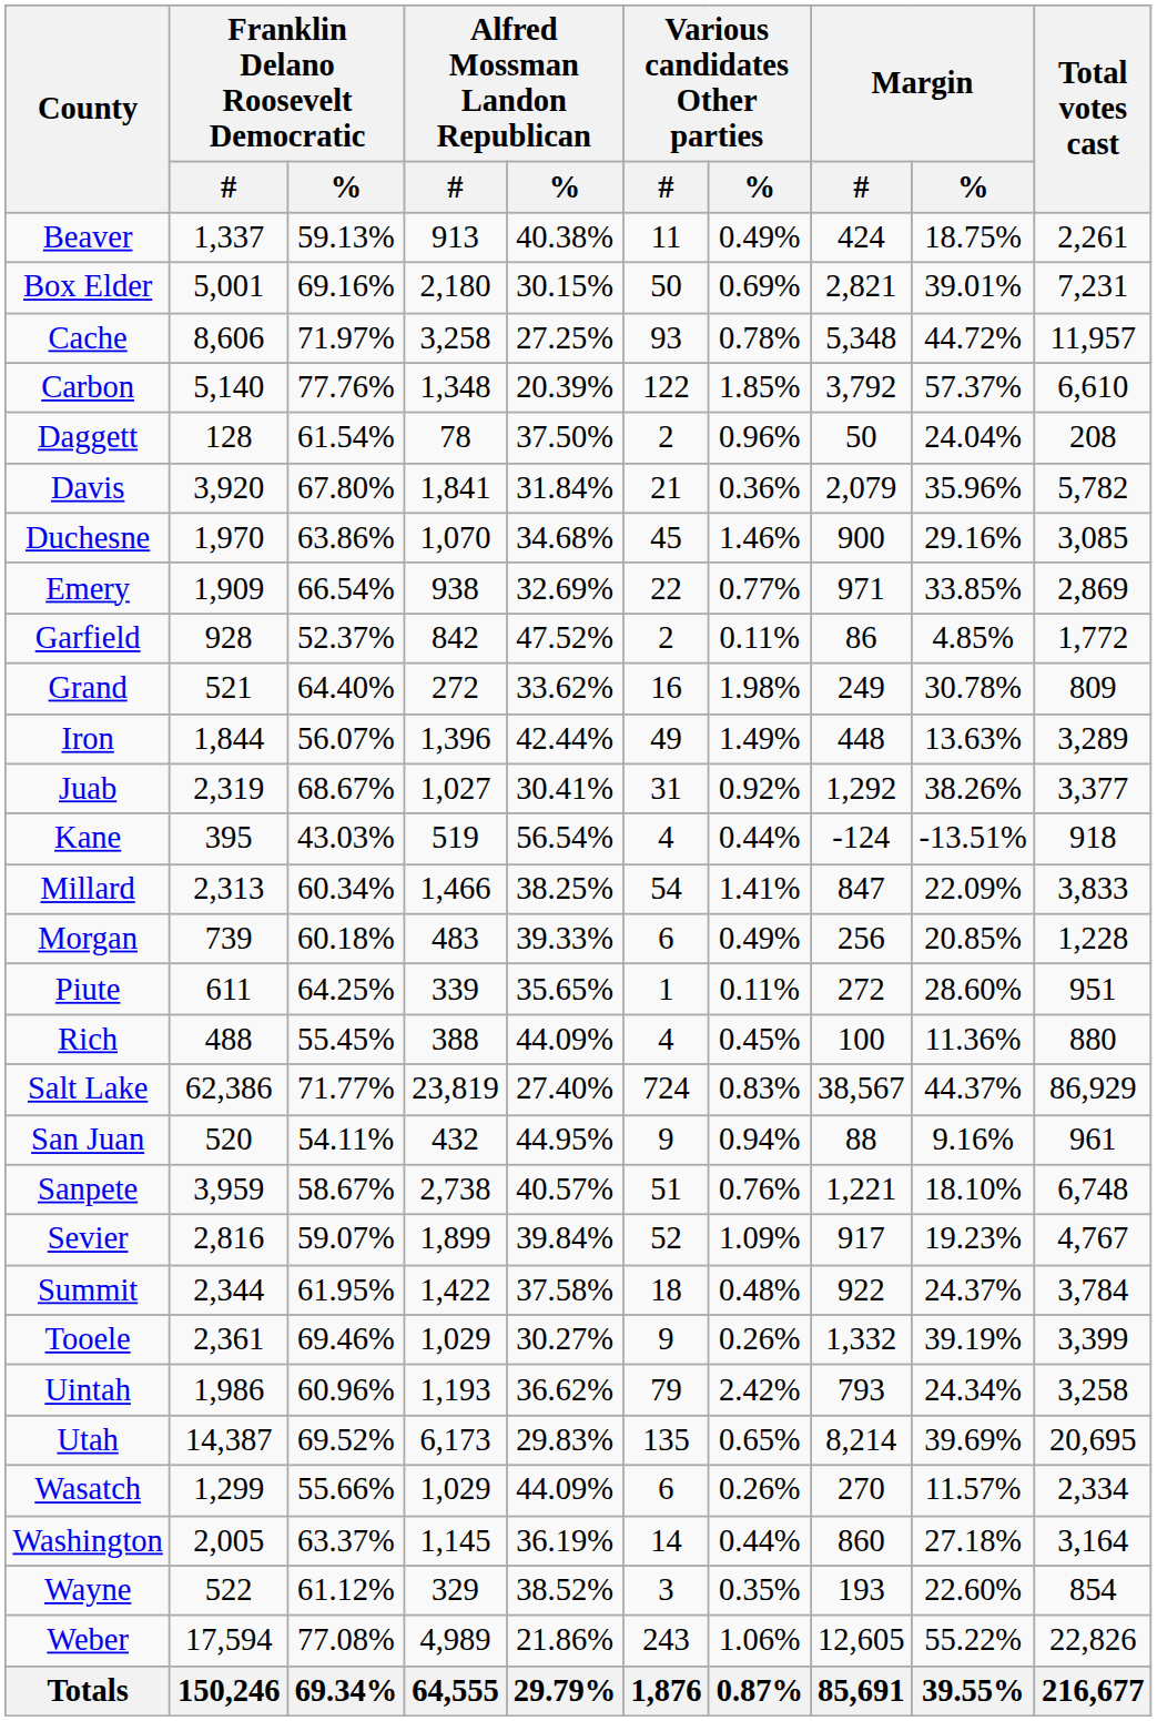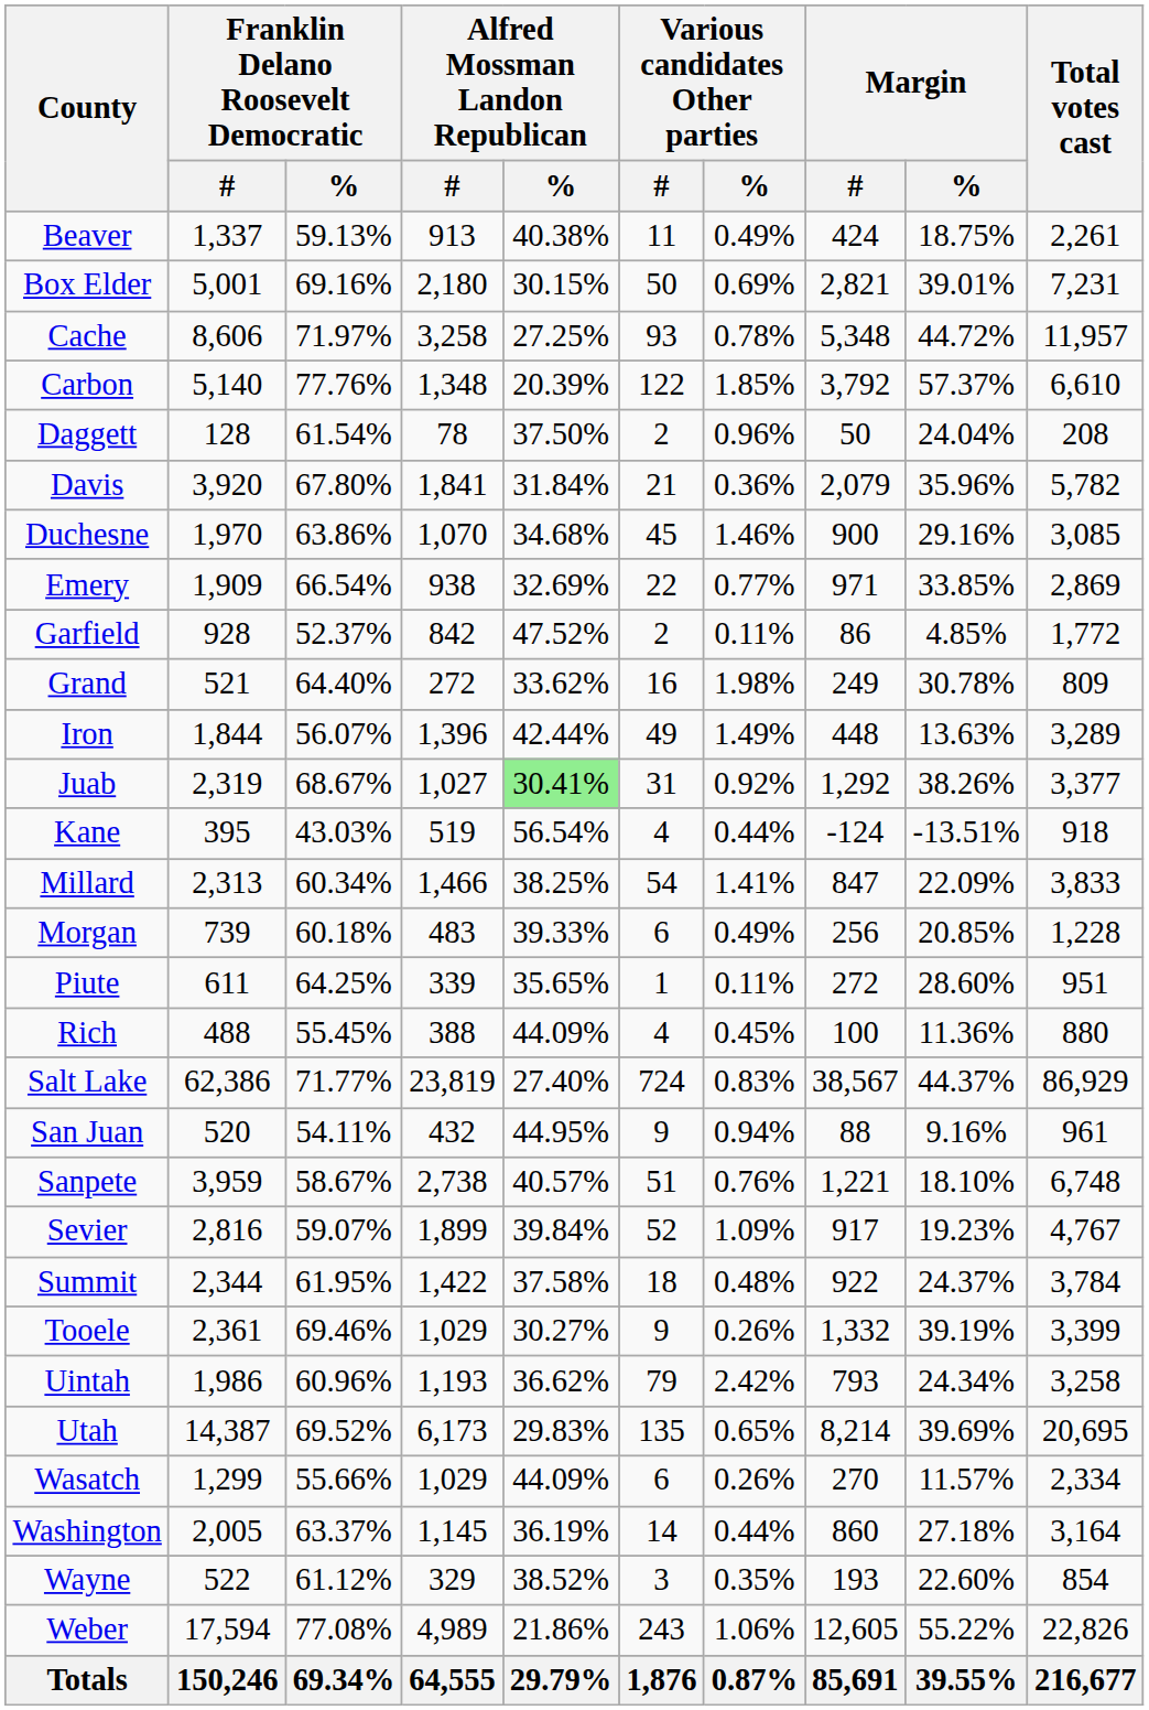 <table width="70%" class="wikitable sortable">
 <tr>
 <th rowspan="2">County</th>
 <th colspan="2">Franklin Delano Roosevelt<br>Democratic</th>
 <th colspan="2">Alfred Mossman Landon<br>Republican</th>
 <th colspan="2">Various candidates<br>Other parties</th>
 <th colspan="2">Margin</th>
 <th rowspan="2">Total votes cast</th>
 </tr>
 <tr bgcolor="lightgrey">
 <th style="text-align:center;" data-sort-type="number">#</th>
 <th style="text-align:center;" data-sort-type="number">%</th>
 <th style="text-align:center;" data-sort-type="number">#</th>
 <th style="text-align:center;" data-sort-type="number">%</th>
 <th style="text-align:center;" data-sort-type="number">#</th>
 <th style="text-align:center;" data-sort-type="number">%</th>
 <th style="text-align:center;" data-sort-type="number">#</th>
 <th style="text-align:center;" data-sort-type="number">%</th>
 </tr>
 <tr style="text-align:center;">
 <td><a href='#'>Beaver</a></td>
 <td>1,337</td>
 <td>59.13%</td>
 <td>913</td>
 <td>40.38%</td>
 <td>11</td>
 <td>0.49%</td>
 <td>424</td>
 <td>18.75%</td>
 <td>2,261</td>
 </tr>
 <tr style="text-align:center;">
 <td><a href='#'>Box Elder</a></td>
 <td>5,001</td>
 <td>69.16%</td>
 <td>2,180</td>
 <td>30.15%</td>
 <td>50</td>
 <td>0.69%</td>
 <td>2,821</td>
 <td>39.01%</td>
 <td>7,231</td>
 </tr>
 <tr style="text-align:center;">
 <td><a href='#'>Cache</a></td>
 <td>8,606</td>
 <td>71.97%</td>
 <td>3,258</td>
 <td>27.25%</td>
 <td>93</td>
 <td>0.78%</td>
 <td>5,348</td>
 <td>44.72%</td>
 <td>11,957</td>
 </tr>
 <tr style="text-align:center;">
 <td><a href='#'>Carbon</a></td>
 <td>5,140</td>
 <td>77.76%</td>
 <td>1,348</td>
 <td>20.39%</td>
 <td>122</td>
 <td>1.85%</td>
 <td>3,792</td>
 <td>57.37%</td>
 <td>6,610</td>
 </tr>
 <tr style="text-align:center;">
 <td><a href='#'>Daggett</a></td>
 <td>128</td>
 <td>61.54%</td>
 <td>78</td>
 <td>37.50%</td>
 <td>2</td>
 <td>0.96%</td>
 <td>50</td>
 <td>24.04%</td>
 <td>208</td>
 </tr>
 <tr style="text-align:center;">
 <td><a href='#'>Davis</a></td>
 <td>3,920</td>
 <td>67.80%</td>
 <td>1,841</td>
 <td>31.84%</td>
 <td>21</td>
 <td>0.36%</td>
 <td>2,079</td>
 <td>35.96%</td>
 <td>5,782</td>
 </tr>
 <tr style="text-align:center;">
 <td><a href='#'>Duchesne</a></td>
 <td>1,970</td>
 <td>63.86%</td>
 <td>1,070</td>
 <td>34.68%</td>
 <td>45</td>
 <td>1.46%</td>
 <td>900</td>
 <td>29.16%</td>
 <td>3,085</td>
 </tr>
 <tr style="text-align:center;">
 <td><a href='#'>Emery</a></td>
 <td>1,909</td>
 <td>66.54%</td>
 <td>938</td>
 <td>32.69%</td>
 <td>22</td>
 <td>0.77%</td>
 <td>971</td>
 <td>33.85%</td>
 <td>2,869</td>
 </tr>
 <tr style="text-align:center;">
 <td><a href='#'>Garfield</a></td>
 <td>928</td>
 <td>52.37%</td>
 <td>842</td>
 <td>47.52%</td>
 <td>2</td>
 <td>0.11%</td>
 <td>86</td>
 <td>4.85%</td>
 <td>1,772</td>
 </tr>
 <tr style="text-align:center;">
 <td><a href='#'>Grand</a></td>
 <td>521</td>
 <td>64.40%</td>
 <td>272</td>
 <td>33.62%</td>
 <td>16</td>
 <td>1.98%</td>
 <td>249</td>
 <td>30.78%</td>
 <td>809</td>
 </tr>
 <tr style="text-align:center;">
 <td><a href='#'>Iron</a></td>
 <td>1,844</td>
 <td>56.07%</td>
 <td>1,396</td>
 <td>42.44%</td>
 <td>49</td>
 <td>1.49%</td>
 <td>448</td>
 <td>13.63%</td>
 <td>3,289</td>
 </tr>
 <tr style="text-align:center;">
 <td><a href='#'>Juab</a></td>
 <td>2,319</td>
 <td>68.67%</td>
 <td>1,027</td>
-<td>30.41%</td>
+<td style="background: lightgreen;">30.41%</td>
 <td>31</td>
 <td>0.92%</td>
 <td>1,292</td>
 <td>38.26%</td>
 <td>3,377</td>
 </tr>
 <tr style="text-align:center;">
 <td><a href='#'>Kane</a></td>
 <td>395</td>
 <td>43.03%</td>
 <td>519</td>
 <td>56.54%</td>
 <td>4</td>
 <td>0.44%</td>
 <td>-124</td>
 <td>-13.51%</td>
 <td>918</td>
 </tr>
 <tr style="text-align:center;">
 <td><a href='#'>Millard</a></td>
 <td>2,313</td>
 <td>60.34%</td>
 <td>1,466</td>
 <td>38.25%</td>
 <td>54</td>
 <td>1.41%</td>
 <td>847</td>
 <td>22.09%</td>
 <td>3,833</td>
 </tr>
 <tr style="text-align:center;">
 <td><a href='#'>Morgan</a></td>
 <td>739</td>
 <td>60.18%</td>
 <td>483</td>
 <td>39.33%</td>
 <td>6</td>
 <td>0.49%</td>
 <td>256</td>
 <td>20.85%</td>
 <td>1,228</td>
 </tr>
 <tr style="text-align:center;">
 <td><a href='#'>Piute</a></td>
 <td>611</td>
 <td>64.25%</td>
 <td>339</td>
 <td>35.65%</td>
 <td>1</td>
 <td>0.11%</td>
 <td>272</td>
 <td>28.60%</td>
 <td>951</td>
 </tr>
 <tr style="text-align:center;">
 <td><a href='#'>Rich</a></td>
 <td>488</td>
 <td>55.45%</td>
 <td>388</td>
 <td>44.09%</td>
 <td>4</td>
 <td>0.45%</td>
 <td>100</td>
 <td>11.36%</td>
 <td>880</td>
 </tr>
 <tr style="text-align:center;">
 <td><a href='#'>Salt Lake</a></td>
 <td>62,386</td>
 <td>71.77%</td>
 <td>23,819</td>
 <td>27.40%</td>
 <td>724</td>
 <td>0.83%</td>
 <td>38,567</td>
 <td>44.37%</td>
 <td>86,929</td>
 </tr>
 <tr style="text-align:center;">
 <td><a href='#'>San Juan</a></td>
 <td>520</td>
 <td>54.11%</td>
 <td>432</td>
 <td>44.95%</td>
 <td>9</td>
 <td>0.94%</td>
 <td>88</td>
 <td>9.16%</td>
 <td>961</td>
 </tr>
 <tr style="text-align:center;">
 <td><a href='#'>Sanpete</a></td>
 <td>3,959</td>
 <td>58.67%</td>
 <td>2,738</td>
 <td>40.57%</td>
 <td>51</td>
 <td>0.76%</td>
 <td>1,221</td>
 <td>18.10%</td>
 <td>6,748</td>
 </tr>
 <tr style="text-align:center;">
 <td><a href='#'>Sevier</a></td>
 <td>2,816</td>
 <td>59.07%</td>
 <td>1,899</td>
 <td>39.84%</td>
 <td>52</td>
 <td>1.09%</td>
 <td>917</td>
 <td>19.23%</td>
 <td>4,767</td>
 </tr>
 <tr style="text-align:center;">
 <td><a href='#'>Summit</a></td>
 <td>2,344</td>
 <td>61.95%</td>
 <td>1,422</td>
 <td>37.58%</td>
 <td>18</td>
 <td>0.48%</td>
 <td>922</td>
 <td>24.37%</td>
 <td>3,784</td>
 </tr>
 <tr style="text-align:center;">
 <td><a href='#'>Tooele</a></td>
 <td>2,361</td>
 <td>69.46%</td>
 <td>1,029</td>
 <td>30.27%</td>
 <td>9</td>
 <td>0.26%</td>
 <td>1,332</td>
 <td>39.19%</td>
 <td>3,399</td>
 </tr>
 <tr style="text-align:center;">
 <td><a href='#'>Uintah</a></td>
 <td>1,986</td>
 <td>60.96%</td>
 <td>1,193</td>
 <td>36.62%</td>
 <td>79</td>
 <td>2.42%</td>
 <td>793</td>
 <td>24.34%</td>
 <td>3,258</td>
 </tr>
 <tr style="text-align:center;">
 <td><a href='#'>Utah</a></td>
 <td>14,387</td>
 <td>69.52%</td>
 <td>6,173</td>
 <td>29.83%</td>
 <td>135</td>
 <td>0.65%</td>
 <td>8,214</td>
 <td>39.69%</td>
 <td>20,695</td>
 </tr>
 <tr style="text-align:center;">
 <td><a href='#'>Wasatch</a></td>
 <td>1,299</td>
 <td>55.66%</td>
 <td>1,029</td>
 <td>44.09%</td>
 <td>6</td>
 <td>0.26%</td>
 <td>270</td>
 <td>11.57%</td>
 <td>2,334</td>
 </tr>
 <tr style="text-align:center;">
 <td><a href='#'>Washington</a></td>
 <td>2,005</td>
 <td>63.37%</td>
 <td>1,145</td>
 <td>36.19%</td>
 <td>14</td>
 <td>0.44%</td>
 <td>860</td>
 <td>27.18%</td>
 <td>3,164</td>
 </tr>
 <tr style="text-align:center;">
 <td><a href='#'>Wayne</a></td>
 <td>522</td>
 <td>61.12%</td>
 <td>329</td>
 <td>38.52%</td>
 <td>3</td>
 <td>0.35%</td>
 <td>193</td>
 <td>22.60%</td>
 <td>854</td>
 </tr>
 <tr style="text-align:center;">
 <td><a href='#'>Weber</a></td>
 <td>17,594</td>
 <td>77.08%</td>
 <td>4,989</td>
 <td>21.86%</td>
 <td>243</td>
 <td>1.06%</td>
 <td>12,605</td>
 <td>55.22%</td>
 <td>22,826</td>
 </tr>
 <tr>
 <th>Totals</th>
 <th>150,246</th>
 <th>69.34%</th>
 <th>64,555</th>
 <th>29.79%</th>
 <th>1,876</th>
 <th>0.87%</th>
 <th>85,691</th>
 <th>39.55%</th>
 <th>216,677</th>
 </tr>
 </table>
